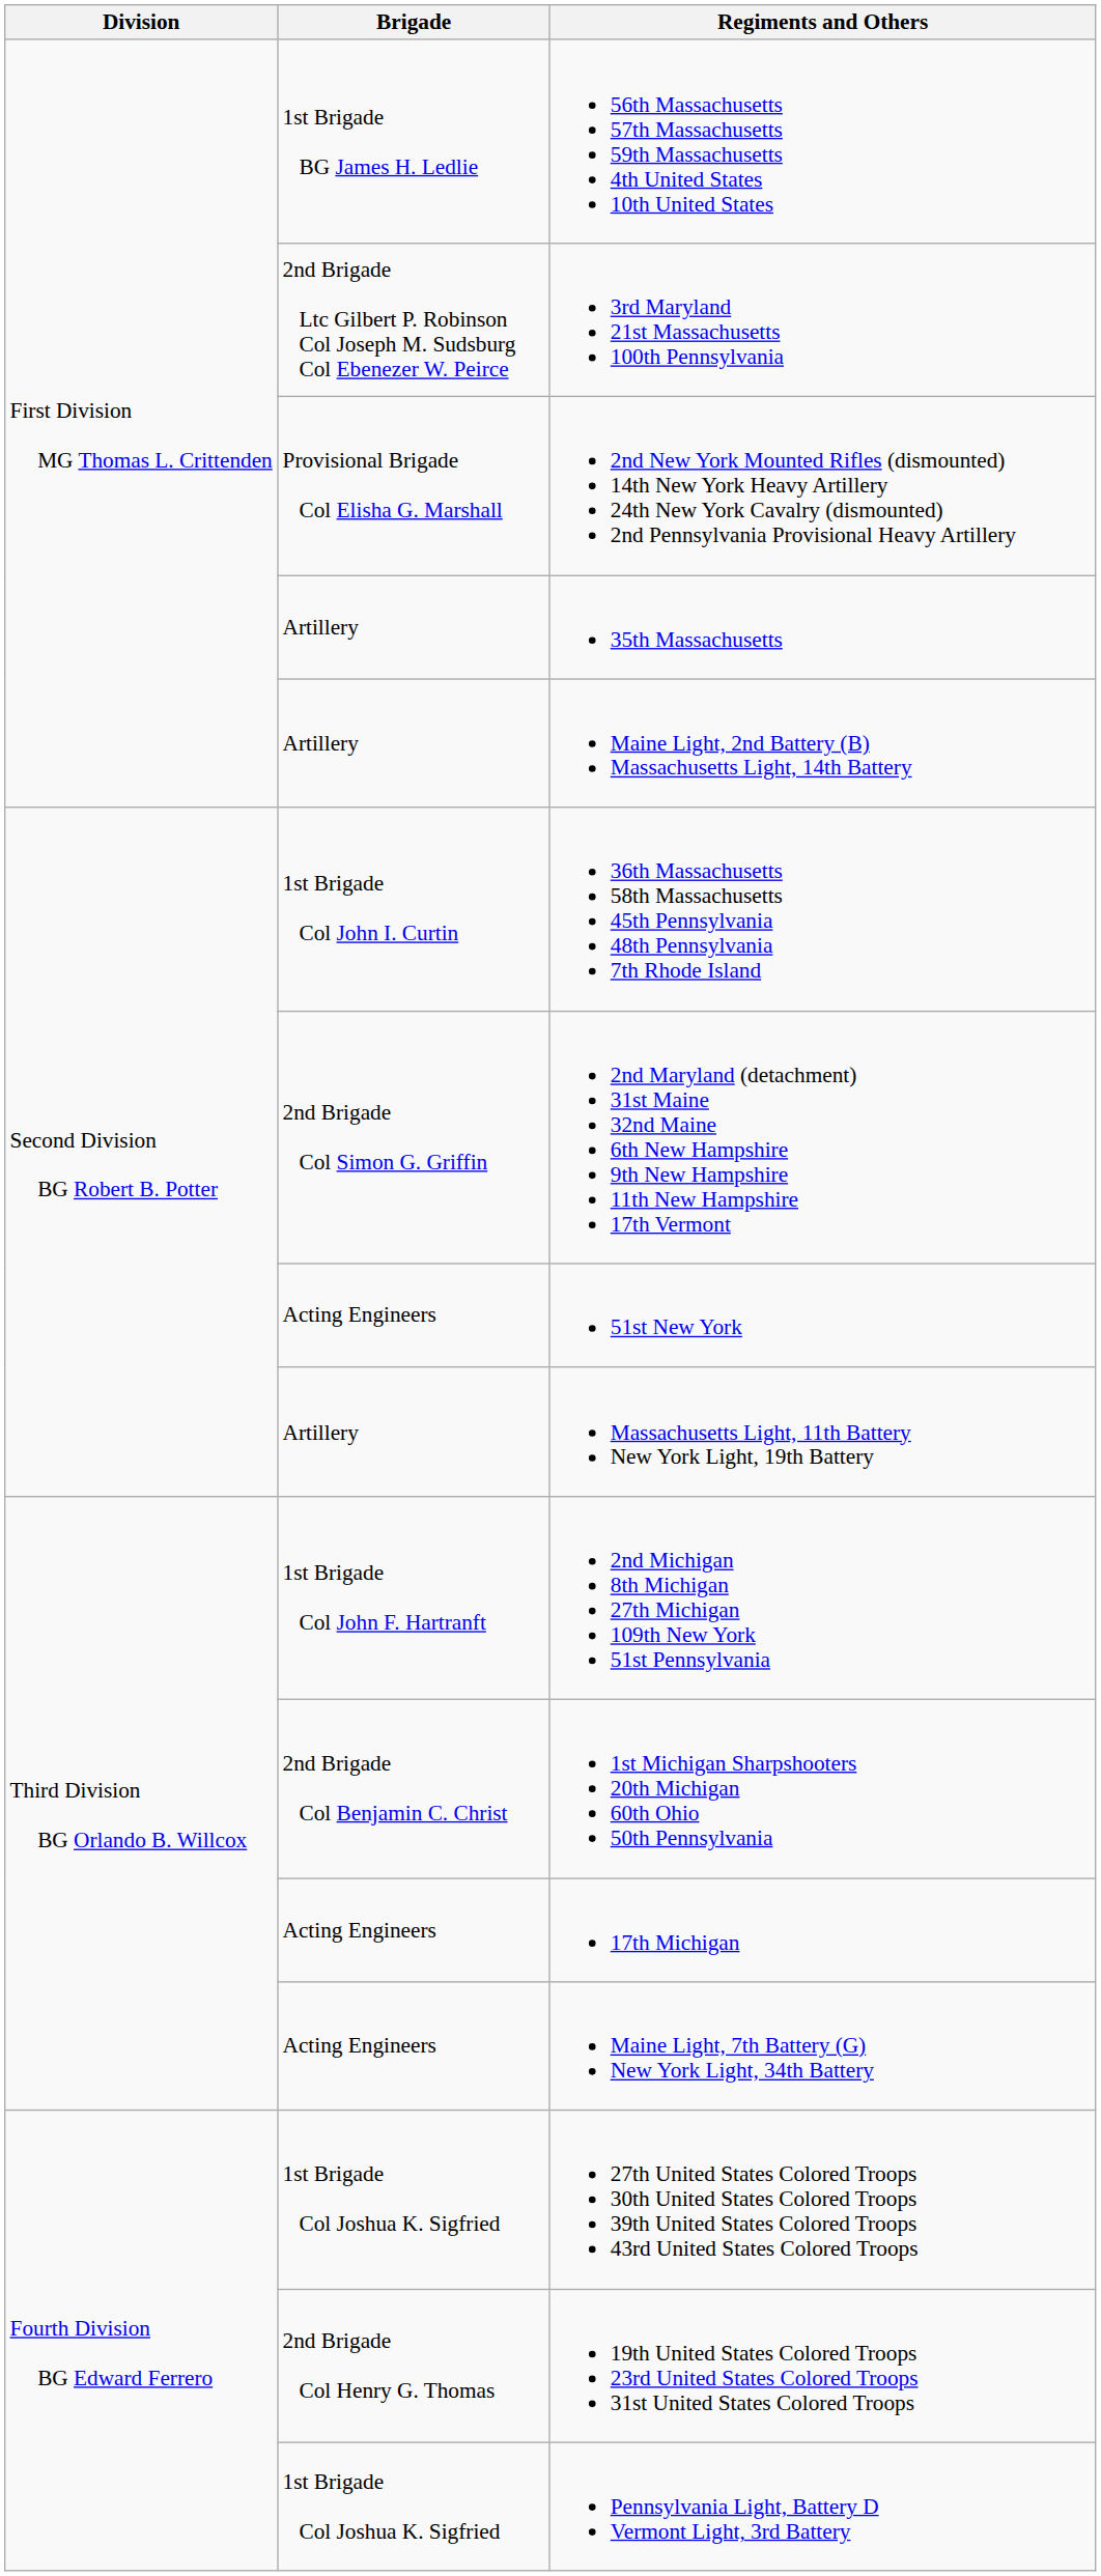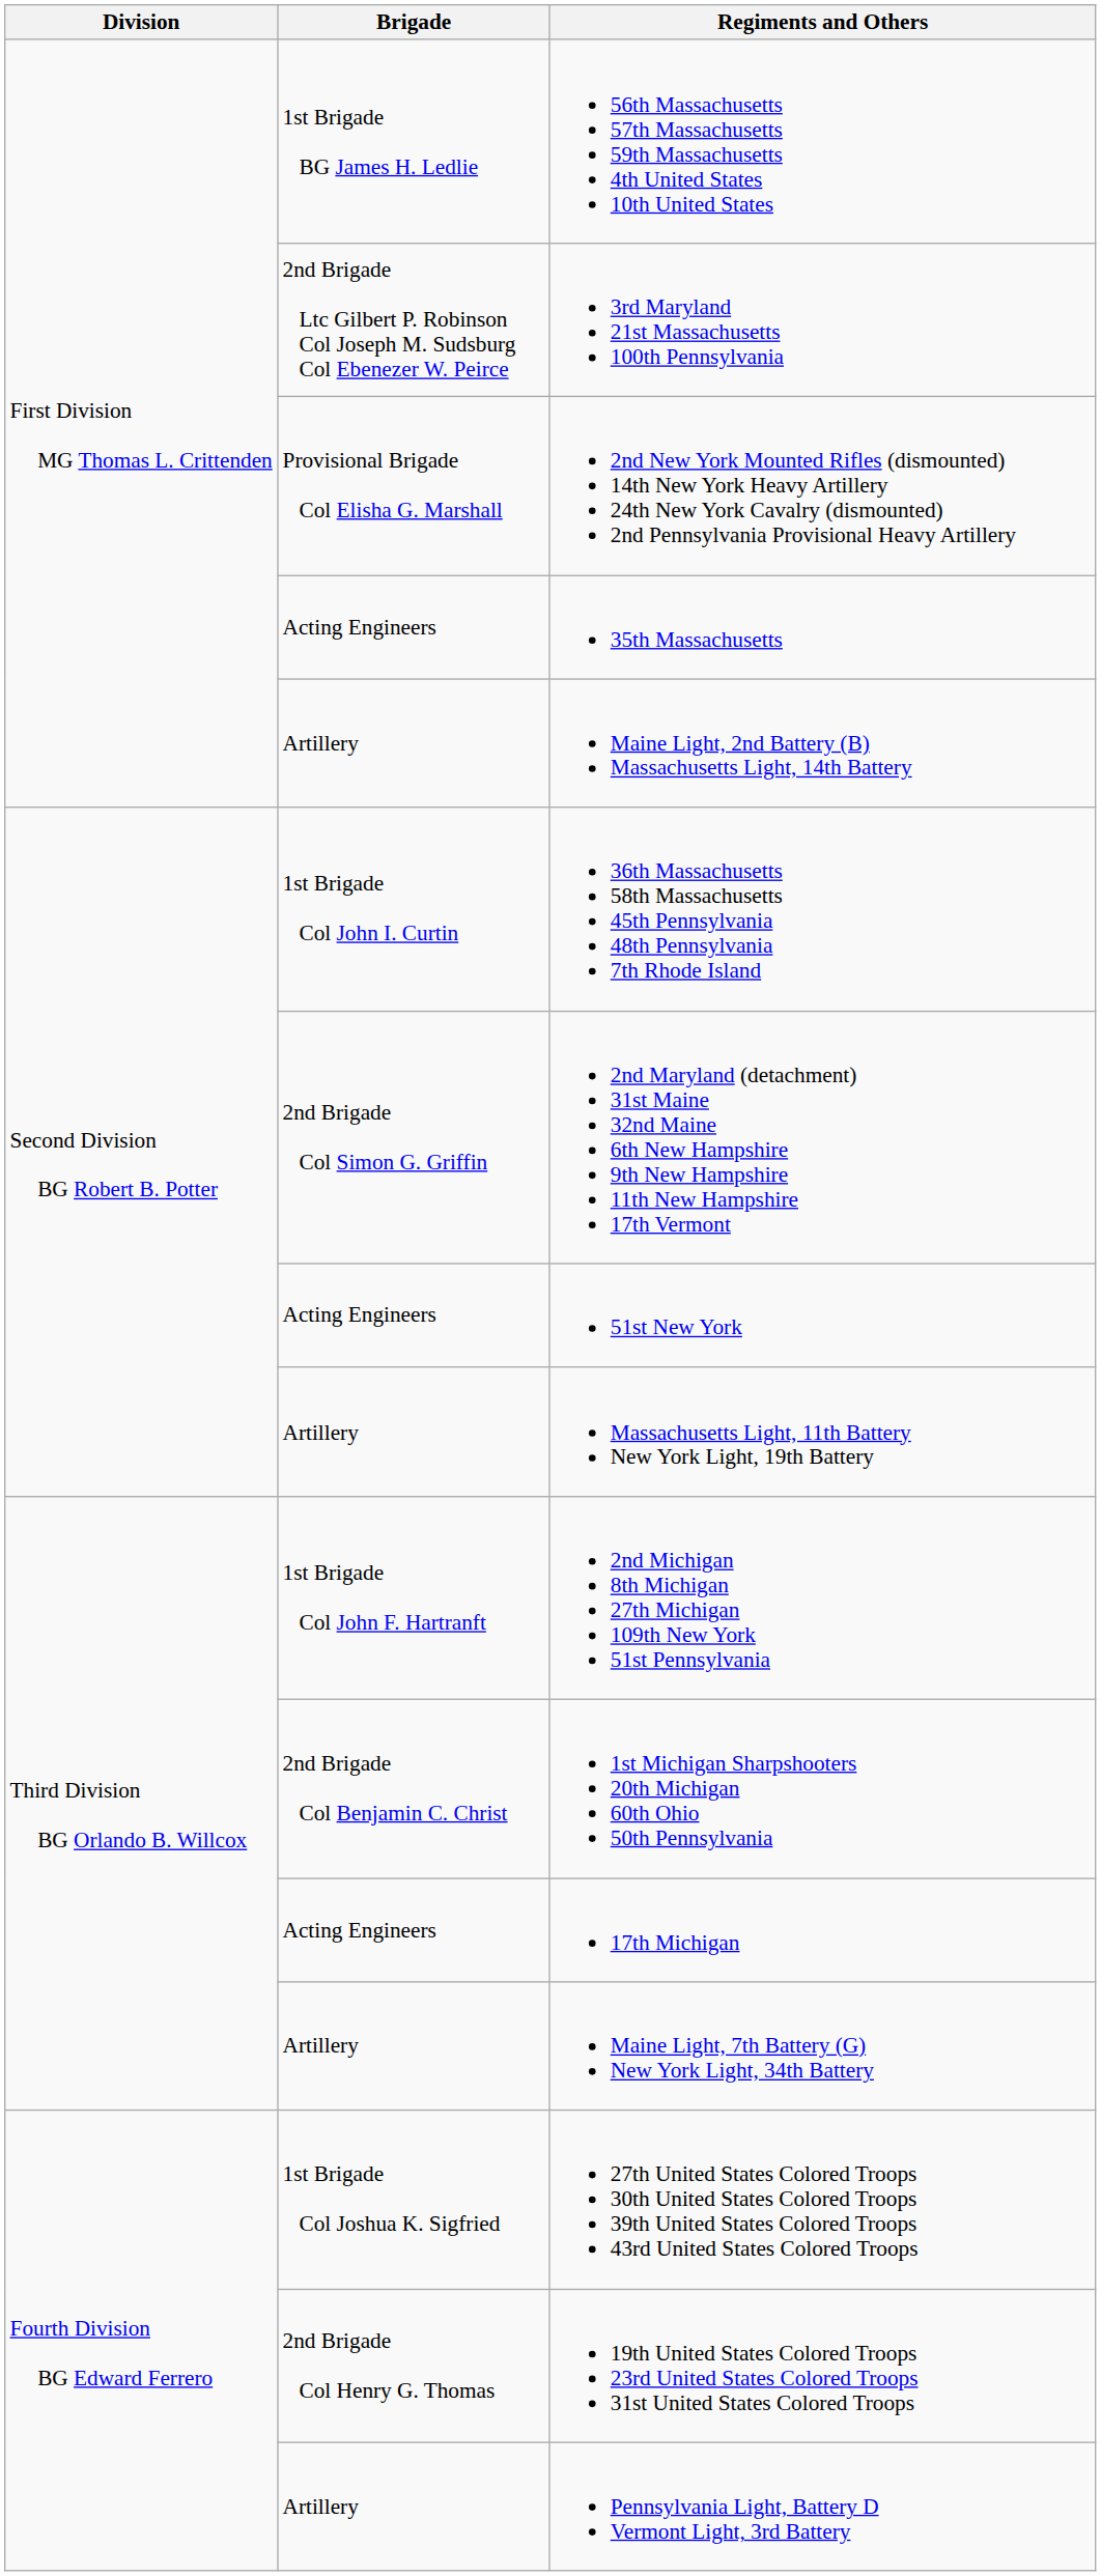 <table class="wikitable">
 <tr>
 <th width=25%>Division</th>
 <th width=25%>Brigade</th>
 <th>Regiments and Others</th>
 </tr>
 <tr>
 <td rowspan=5><br>First Division<br> <br>     MG <a href='#'>Thomas L. Crittenden</a></td>
 <td>1st Brigade<br><br>   BG <a href='#'>James H. Ledlie</a></td>
 <td><br><ul><li><a href='#'>56th Massachusetts</a></li><li><a href='#'>57th Massachusetts</a></li><li><a href='#'>59th Massachusetts</a></li><li><a href='#'>4th United States</a></li><li><a href='#'>10th United States</a></li></ul></td>
 </tr>
 <tr>
 <td>2nd Brigade<br><br>   Ltc Gilbert P. Robinson <br>   Col Joseph M. Sudsburg <br>   Col <a href='#'>Ebenezer W. Peirce</a></td>
 <td><br><ul><li><a href='#'>3rd Maryland</a></li><li><a href='#'>21st Massachusetts</a></li><li><a href='#'>100th Pennsylvania</a></li></ul></td>
 </tr>
 <tr>
 <td>Provisional Brigade<br><br>   Col <a href='#'>Elisha G. Marshall</a></td>
 <td><br><ul><li><a href='#'>2nd New York Mounted Rifles</a> (dismounted)</li><li>14th New York Heavy Artillery</li><li>24th New York Cavalry (dismounted)</li><li>2nd Pennsylvania Provisional Heavy Artillery</li></ul></td>
 </tr>
 <tr>
-<td>Artillery</td>
+<td>Acting Engineers</td>
 <td><br><ul><li><a href='#'>35th Massachusetts</a></li></ul></td>
 </tr>
 <tr>
 <td>Artillery</td>
 <td><br><ul><li><a href='#'>Maine Light, 2nd Battery (B)</a></li><li><a href='#'>Massachusetts Light, 14th Battery</a></li></ul></td>
 </tr>
 <tr>
 <td rowspan=4><br>Second Division<br> <br>     BG <a href='#'>Robert B. Potter</a></td>
 <td>1st Brigade<br><br>   Col <a href='#'>John I. Curtin</a></td>
 <td><br><ul><li><a href='#'>36th Massachusetts</a></li><li>58th Massachusetts</li><li><a href='#'>45th Pennsylvania</a></li><li><a href='#'>48th Pennsylvania</a></li><li><a href='#'>7th Rhode Island</a></li></ul></td>
 </tr>
 <tr>
 <td>2nd Brigade<br><br>   Col <a href='#'>Simon G. Griffin</a></td>
 <td><br><ul><li><a href='#'>2nd Maryland</a> (detachment)</li><li><a href='#'>31st Maine</a></li><li><a href='#'>32nd Maine</a></li><li><a href='#'>6th New Hampshire</a></li><li><a href='#'>9th New Hampshire</a></li><li><a href='#'>11th New Hampshire</a></li><li><a href='#'>17th Vermont</a></li></ul></td>
 </tr>
 <tr>
 <td>Acting Engineers</td>
 <td><br><ul><li><a href='#'>51st New York</a></li></ul></td>
 </tr>
 <tr>
 <td>Artillery</td>
 <td><br><ul><li><a href='#'>Massachusetts Light, 11th Battery</a></li><li>New York Light, 19th Battery</li></ul></td>
 </tr>
 <tr>
 <td rowspan=4><br>Third Division<br> <br>     BG <a href='#'>Orlando B. Willcox</a></td>
 <td>1st Brigade<br><br>   Col <a href='#'>John F. Hartranft</a></td>
 <td><br><ul><li><a href='#'>2nd Michigan</a></li><li><a href='#'>8th Michigan</a></li><li><a href='#'>27th Michigan</a></li><li><a href='#'>109th New York</a></li><li><a href='#'>51st Pennsylvania</a></li></ul></td>
 </tr>
 <tr>
 <td>2nd Brigade<br><br>   Col <a href='#'>Benjamin C. Christ</a></td>
 <td><br><ul><li><a href='#'>1st Michigan Sharpshooters</a></li><li><a href='#'>20th Michigan</a></li><li><a href='#'>60th Ohio</a></li><li><a href='#'>50th Pennsylvania</a></li></ul></td>
 </tr>
 <tr>
 <td>Acting Engineers</td>
 <td><br><ul><li><a href='#'>17th Michigan</a></li></ul></td>
 </tr>
 <tr>
-<td>Acting Engineers</td>
+<td>Artillery</td>
 <td><br><ul><li><a href='#'>Maine Light, 7th Battery (G)</a></li><li><a href='#'>New York Light, 34th Battery</a></li></ul></td>
 </tr>
 <tr>
 <td rowspan=3><br><a href='#'>Fourth Division</a><br> <br>     BG <a href='#'>Edward Ferrero</a></td>
 <td>1st Brigade<br><br>   Col Joshua K. Sigfried</td>
 <td><br><ul><li>27th United States Colored Troops</li><li>30th United States Colored Troops</li><li>39th United States Colored Troops</li><li>43rd United States Colored Troops</li></ul></td>
 </tr>
 <tr>
 <td>2nd Brigade<br><br>   Col Henry G. Thomas</td>
 <td><br><ul><li>19th United States Colored Troops</li><li><a href='#'>23rd United States Colored Troops</a></li><li>31st United States Colored Troops</li></ul></td>
 </tr>
 <tr>
-<td>1st Brigade<br><br>   Col Joshua K. Sigfried</td>
+<td>Artillery</td>
 <td><br><ul><li><a href='#'>Pennsylvania Light, Battery D</a></li><li><a href='#'>Vermont Light, 3rd Battery</a></li></ul></td>
 </tr>
 </table>
